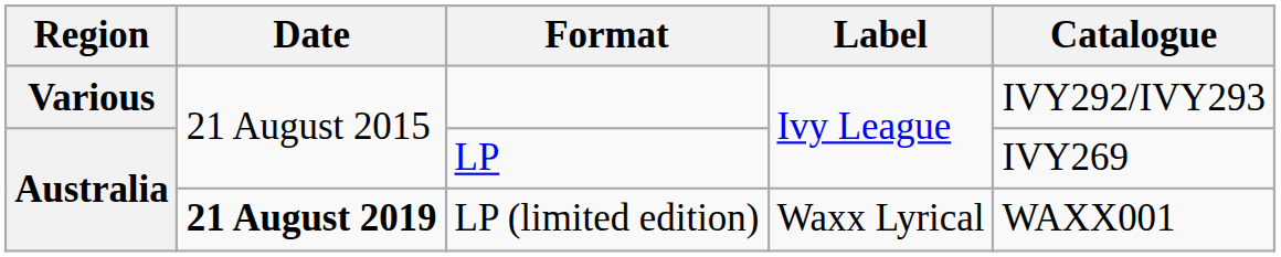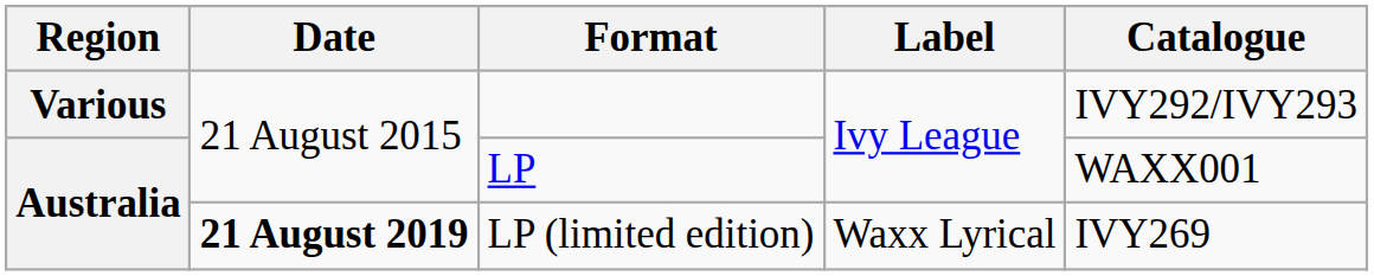 <table class="wikitable plainrowheaders">
 <tr>
 <th scope="col">Region</th>
 <th scope="col">Date</th>
 <th scope="col">Format</th>
 <th scope="col">Label</th>
 <th scope="col">Catalogue</th>
 </tr>
 <tr>
 <th scope="row">Various</th>
 <td rowspan="2">21 August 2015</td>
 <td></td>
 <td rowspan="2"><a href='#'>Ivy League</a></td>
 <td>IVY292/IVY293</td>
 </tr>
 <tr>
 <th scope="row" rowspan="2">Australia</th>
 <td><a href='#'>LP</a></td>
-<td>IVY269</td>
+<td>WAXX001</td>
 </tr>
 <tr>
 <td><strong>21 August 2019</strong></td>
 <td>LP (limited edition)</td>
 <td>Waxx Lyrical</td>
-<td>WAXX001</td>
+<td>IVY269</td>
 </tr>
 </table>
